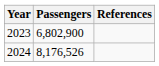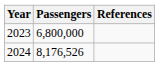 <table class="wikitable" style="display:inline-table;">
 <tr>
 <th>Year</th>
 <th>Passengers</th>
 <th>References</th>
 </tr>
 <tr>
 <td>2023</td>
-<td>6,802,900</td>
+<td>6,800,000</td>
 <td></td>
 </tr>
 <tr>
 <td>2024</td>
 <td>8,176,526</td>
 <td></td>
 </tr>
 </table>
